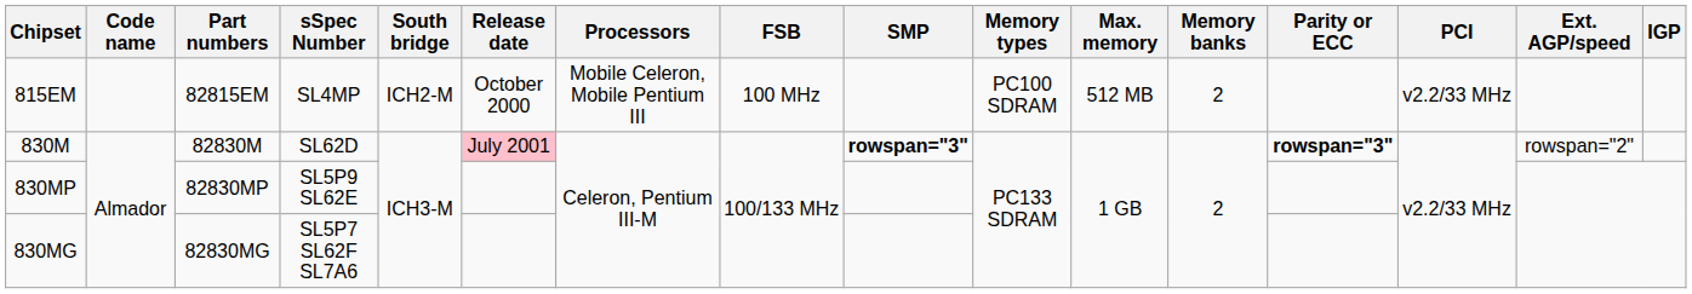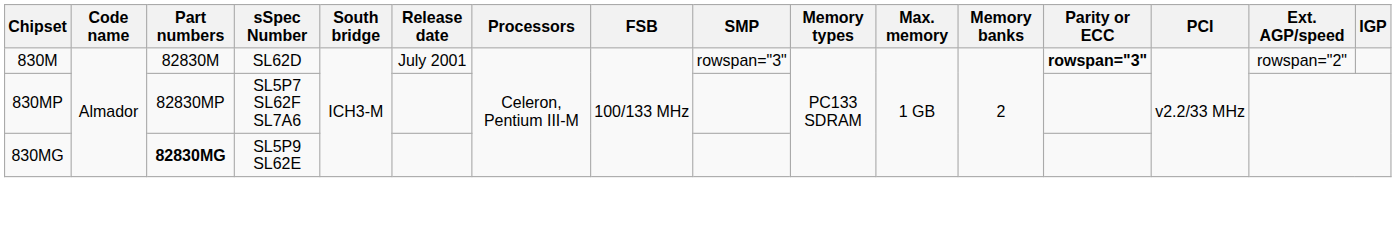 <table class="wikitable" style="font-size: 90%; text-align:center;">
 <tr>
 <th>Chipset</th>
 <th>Code name</th>
 <th>Part numbers</th>
 <th>sSpec Number</th>
 <th>South bridge</th>
 <th>Release date</th>
 <th>Processors</th>
 <th>FSB</th>
 <th>SMP</th>
 <th>Memory types</th>
 <th>Max. memory</th>
 <th>Memory banks</th>
 <th>Parity or ECC</th>
 <th>PCI</th>
 <th>Ext. AGP/speed</th>
 <th>IGP</th>
 </tr>
 <tr>
-<td>815EM</td>
-<td></td>
-<td>82815EM</td>
-<td>SL4MP</td>
-<td>ICH2-M</td>
-<td>October 2000</td>
-<td>Mobile Celeron, Mobile Pentium III</td>
-<td>100 MHz</td>
-<td></td>
-<td>PC100 SDRAM</td>
-<td>512 MB</td>
-<td>2</td>
-<td></td>
-<td>v2.2/33 MHz</td>
-<td></td>
-<td></td>
-</tr>
-<tr>
 <td>830M</td>
 <td rowspan="3">Almador</td>
 <td>82830M</td>
 <td>SL62D</td>
 <td rowspan="3">ICH3-M</td>
-<td style="background: pink;">July 2001</td>
+<td>July 2001</td>
 <td rowspan="3">Celeron, Pentium III-M</td>
 <td rowspan="3">100/133 MHz</td>
-<td><strong>rowspan="3" </strong></td>
+<td>rowspan="3" </td>
 <td rowspan="3">PC133 SDRAM</td>
 <td rowspan="3">1 GB</td>
 <td rowspan="3">2</td>
 <td><strong>rowspan="3" </strong></td>
 <td rowspan="3">v2.2/33 MHz</td>
 <td>rowspan="2" </td>
 <td></td>
 </tr>
 <tr>
 <td>830MP</td>
 <td>82830MP</td>
-<td>SL5P9<br>SL62E</td>
+<td>SL5P7<br>SL62F<br>SL7A6</td>
 <td></td>
 <td></td>
 </tr>
 <tr>
 <td>830MG</td>
-<td>82830MG</td>
-<td>SL5P7<br>SL62F<br>SL7A6</td>
+<td><strong>82830MG</strong></td>
+<td>SL5P9<br>SL62E</td>
 <td></td>
 <td></td>
 <td></td>
 </tr>
 </table>
